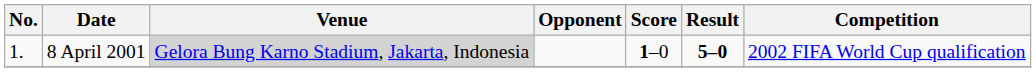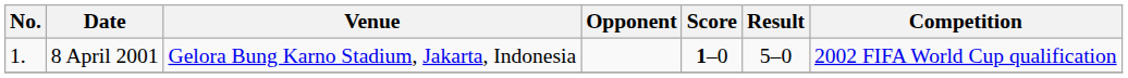 <table class="wikitable">
 <tr>
 <th>No.</th>
 <th>Date</th>
 <th>Venue</th>
 <th>Opponent</th>
 <th>Score</th>
 <th>Result</th>
 <th>Competition</th>
 </tr>
 <tr>
 <td>1.</td>
 <td>8 April 2001</td>
-<td style="background: lightgrey;"><a href='#'>Gelora Bung Karno Stadium</a>, <a href='#'>Jakarta</a>, Indonesia</td>
+<td><a href='#'>Gelora Bung Karno Stadium</a>, <a href='#'>Jakarta</a>, Indonesia</td>
 <td></td>
 <td align=center><strong>1</strong>–0</td>
-<td align=center><strong>5–0</strong></td>
+<td align=center>5–0</td>
 <td><a href='#'>2002 FIFA World Cup qualification</a></td>
 </tr>
 <tr>
 </tr>
 </table>
